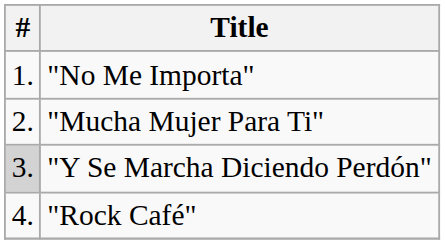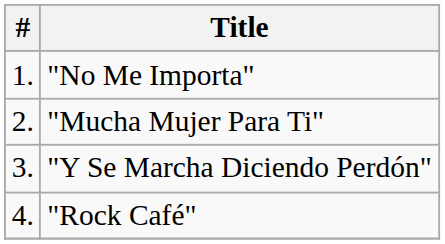 <table class="wikitable">
 <tr>
 <th>#</th>
 <th>Title</th>
 </tr>
 <tr>
 <td>1.</td>
 <td>"No Me Importa"</td>
 </tr>
 <tr>
 <td>2.</td>
 <td>"Mucha Mujer Para Ti"</td>
 </tr>
 <tr>
-<td style="background: lightgrey;">3.</td>
+<td>3.</td>
 <td>"Y Se Marcha Diciendo Perdón"</td>
 </tr>
 <tr>
 <td>4.</td>
 <td>"Rock Café"</td>
 </tr>
 <tr>
 </tr>
 </table>
